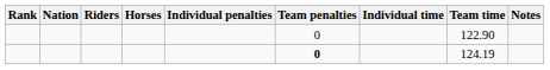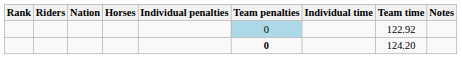 <table class="wikitable sortable" style="text-align:center">
 <tr>
 <th>Rank</th>
+<th>Riders</th>
 <th>Nation</th>
-<th>Riders</th>
 <th>Horses</th>
 <th>Individual penalties</th>
 <th>Team penalties</th>
 <th>Individual time</th>
 <th>Team time</th>
 <th>Notes</th>
 </tr>
 <tr>
 <td></td>
-<td align="left"></td>
 <td align=left></td>
 <td align="left"></td>
+<td align="left"></td>
 <td></td>
-<td>0</td>
+<td style="background: lightblue;">0</td>
 <td></td>
-<td>122.90</td>
+<td>122.92</td>
 <td></td>
 </tr>
 <tr>
 <td></td>
+<td align=left></td>
 <td align="left"></td>
-<td align=left></td>
 <td align="left"></td>
 <td></td>
 <td><strong>0</strong></td>
 <td></td>
-<td>124.19</td>
+<td>124.20</td>
 <td></td>
 </tr>
 </table>
